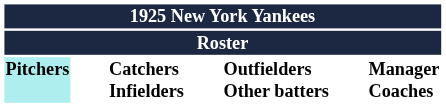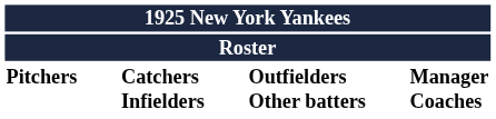 <table class="toccolours" style="font-size: 95%;">
 <tr>
 <th colspan="10" style="background-color: #1c2841; color: white; text-align: center;">1925 New York Yankees</th>
 </tr>
 <tr>
 <td colspan="10" style="background-color: #1c2841; color: white; text-align: center;"><strong>Roster</strong></td>
 </tr>
 <tr>
-<td valign="top" style="background: paleturquoise;"><strong>Pitchers</strong><br>            </td>
+<td valign="top"><strong>Pitchers</strong><br>            </td>
 <td width="25px"></td>
 <td valign="top"><strong>Catchers</strong><br>     <strong>Infielders</strong>           </td>
 <td width="25px"></td>
 <td valign="top"><strong>Outfielders</strong><br>      <strong>Other batters</strong> </td>
 <td width="25px"></td>
 <td valign="top"><strong>Manager</strong><br> <strong>Coaches</strong>   </td>
 </tr>
 </table>
